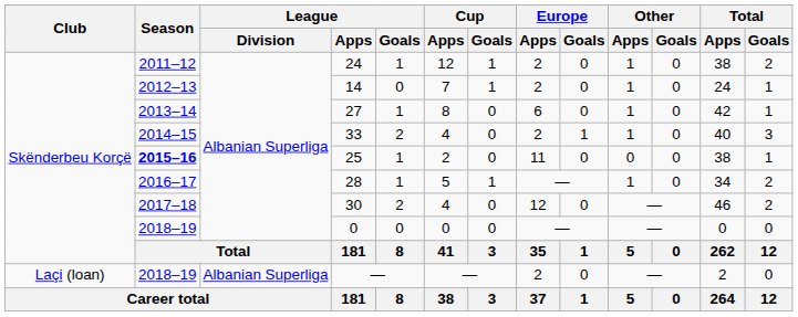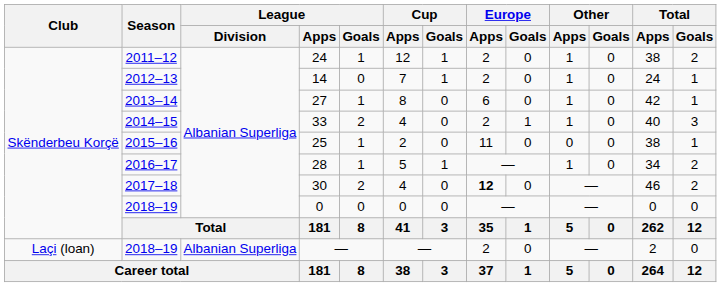 <table class="wikitable" style="text-align:center">
 <tr>
 <th rowspan="2">Club</th>
 <th rowspan="2">Season</th>
 <th colspan="3">League</th>
 <th colspan="2">Cup</th>
 <th colspan="2"><a href='#'>Europe</a></th>
 <th colspan="2">Other</th>
 <th colspan="2">Total</th>
 </tr>
 <tr>
 <th>Division</th>
 <th>Apps</th>
 <th>Goals</th>
 <th>Apps</th>
 <th>Goals</th>
 <th>Apps</th>
 <th>Goals</th>
 <th>Apps</th>
 <th>Goals</th>
 <th>Apps</th>
 <th>Goals</th>
 </tr>
 <tr>
 <td rowspan="9"><a href='#'>Skënderbeu Korçë</a></td>
 <td><a href='#'>2011–12</a></td>
 <td rowspan="8"><a href='#'>Albanian Superliga</a></td>
 <td>24</td>
 <td>1</td>
 <td>12</td>
 <td>1</td>
 <td>2</td>
 <td>0</td>
 <td>1</td>
 <td>0</td>
 <td>38</td>
 <td>2</td>
 </tr>
 <tr>
 <td><a href='#'>2012–13</a></td>
 <td>14</td>
 <td>0</td>
 <td>7</td>
 <td>1</td>
 <td>2</td>
 <td>0</td>
 <td>1</td>
 <td>0</td>
 <td>24</td>
 <td>1</td>
 </tr>
 <tr>
 <td><a href='#'>2013–14</a></td>
 <td>27</td>
 <td>1</td>
 <td>8</td>
 <td>0</td>
 <td>6</td>
 <td>0</td>
 <td>1</td>
 <td>0</td>
 <td>42</td>
 <td>1</td>
 </tr>
 <tr>
 <td><a href='#'>2014–15</a></td>
 <td>33</td>
 <td>2</td>
 <td>4</td>
 <td>0</td>
 <td>2</td>
 <td>1</td>
 <td>1</td>
 <td>0</td>
 <td>40</td>
 <td>3</td>
 </tr>
 <tr>
-<td><strong><a href='#'>2015–16</a></strong></td>
+<td><a href='#'>2015–16</a></td>
 <td>25</td>
 <td>1</td>
 <td>2</td>
 <td>0</td>
 <td>11</td>
 <td>0</td>
 <td>0</td>
 <td>0</td>
 <td>38</td>
 <td>1</td>
 </tr>
 <tr>
 <td><a href='#'>2016–17</a></td>
 <td>28</td>
 <td>1</td>
 <td>5</td>
 <td>1</td>
 <td colspan="2">—</td>
 <td>1</td>
 <td>0</td>
 <td>34</td>
 <td>2</td>
 </tr>
 <tr>
 <td><a href='#'>2017–18</a></td>
 <td>30</td>
 <td>2</td>
 <td>4</td>
 <td>0</td>
-<td>12</td>
+<td><strong>12</strong></td>
 <td>0</td>
 <td colspan="2">—</td>
 <td>46</td>
 <td>2</td>
 </tr>
 <tr>
 <td><a href='#'>2018–19</a></td>
 <td>0</td>
 <td>0</td>
 <td>0</td>
 <td>0</td>
 <td colspan="2">—</td>
 <td colspan="2">—</td>
 <td>0</td>
 <td>0</td>
 </tr>
 <tr>
 <th colspan="2">Total</th>
 <th>181</th>
 <th>8</th>
 <th>41</th>
 <th>3</th>
 <th>35</th>
 <th>1</th>
 <th>5</th>
 <th>0</th>
 <th>262</th>
 <th>12</th>
 </tr>
 <tr>
 <td rowspan="1"><a href='#'>Laçi</a> (loan)</td>
 <td><a href='#'>2018–19</a></td>
 <td rowspan="1"><a href='#'>Albanian Superliga</a></td>
 <td colspan="2">—</td>
 <td colspan="2">—</td>
 <td>2</td>
 <td>0</td>
 <td colspan="2">—</td>
 <td>2</td>
 <td>0</td>
 </tr>
 <tr>
 <th colspan="3">Career total</th>
 <th>181</th>
 <th>8</th>
 <th>38</th>
 <th>3</th>
 <th>37</th>
 <th>1</th>
 <th>5</th>
 <th>0</th>
 <th>264</th>
 <th>12</th>
 </tr>
 </table>
